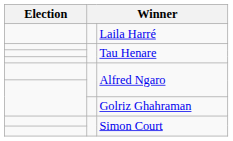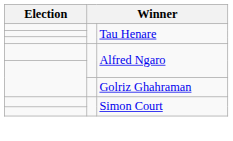 <table class=wikitable>
 <tr>
 <th width=100>Election</th>
 <th colspan=2 width=175>Winner</th>
-</tr>
-<tr>
-<td></td>
-<td width=5 bgcolor=></td>
-<td><a href='#'>Laila Harré</a></td>
 </tr>
 <tr>
 <td></td>
 <td rowspan=3 bgcolor=></td>
 <td rowspan=3><a href='#'>Tau Henare</a></td>
 </tr>
 <tr>
 <td></td>
 </tr>
 <tr>
 <td></td>
 </tr>
 <tr>
 <td></td>
 <td height=15 style="border-bottom:solid 0 grey; background:"></td>
 <td rowspan=2><a href='#'>Alfred Ngaro</a></td>
 </tr>
 <tr>
 <td rowspan=2></td>
 <td height=15 style="border-top:solid 0 grey; background:"></td>
 </tr>
 <tr>
 <td bgcolor=></td>
 <td><a href='#'>Golriz Ghahraman</a></td>
 </tr>
 <tr>
 <td></td>
 <td rowspan=2 width=5 bgcolor=></td>
 <td rowspan=2><a href='#'>Simon Court</a></td>
 </tr>
 <tr>
 <td></td>
 </tr>
 </table>
